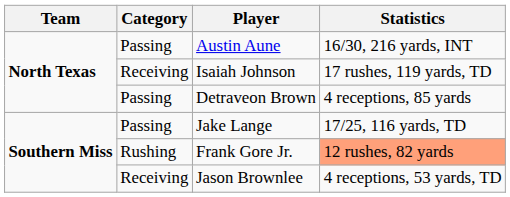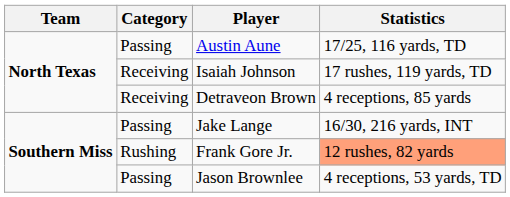 <table class="wikitable" style="float: left;">
 <tr>
 <th>Team</th>
 <th>Category</th>
 <th>Player</th>
 <th>Statistics</th>
 </tr>
 <tr>
 <td rowspan=3><strong>North Texas</strong></td>
 <td>Passing</td>
 <td><a href='#'>Austin Aune</a></td>
-<td>16/30, 216 yards, INT</td>
+<td>17/25, 116 yards, TD</td>
 </tr>
 <tr>
 <td>Receiving</td>
 <td>Isaiah Johnson</td>
 <td>17 rushes, 119 yards, TD</td>
 </tr>
 <tr>
-<td>Passing</td>
+<td>Receiving</td>
 <td>Detraveon Brown</td>
 <td>4 receptions, 85 yards</td>
 </tr>
 <tr>
 <td rowspan=3><strong>Southern Miss</strong></td>
 <td>Passing</td>
 <td>Jake Lange</td>
-<td>17/25, 116 yards, TD</td>
+<td>16/30, 216 yards, INT</td>
 </tr>
 <tr>
 <td>Rushing</td>
 <td>Frank Gore Jr.</td>
 <td style="background: lightsalmon;">12 rushes, 82 yards</td>
 </tr>
 <tr>
-<td>Receiving</td>
+<td>Passing</td>
 <td>Jason Brownlee</td>
 <td>4 receptions, 53 yards, TD</td>
 </tr>
 </table>
